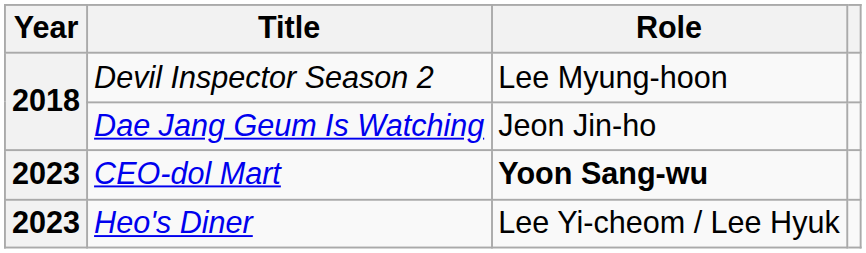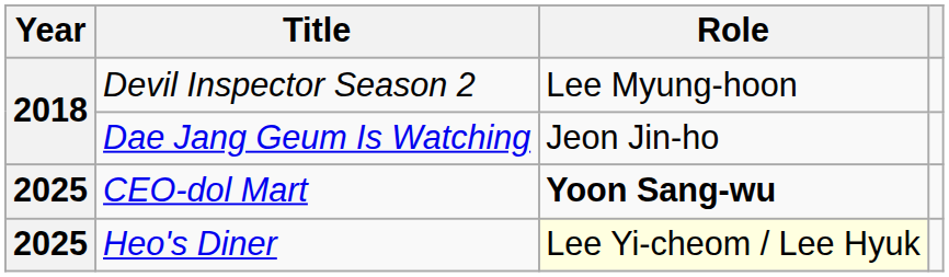 <table class="wikitable plainrowheaders sortable">
 <tr>
 <th scope="col">Year</th>
 <th scope="col">Title</th>
 <th scope="col">Role</th>
 <th scope="col" class="unsortable"></th>
 </tr>
 <tr>
 <th scope="row" rowspan="2">2018</th>
 <td><em>Devil Inspector Season 2</em></td>
 <td>Lee Myung-hoon</td>
 <td style="text-align:center"></td>
 </tr>
 <tr>
 <td><em><a href='#'>Dae Jang Geum Is Watching</a></em></td>
 <td>Jeon Jin-ho</td>
 <td style="text-align:center"></td>
 </tr>
 <tr>
-<th scope="row">2023</th>
+<th scope="row">2025</th>
 <td><em><a href='#'>CEO-dol Mart</a></em></td>
 <td><strong>Yoon Sang-wu</strong></td>
 <td style="text-align:center"></td>
 </tr>
 <tr>
-<th scope="row">2023</th>
+<th scope="row">2025</th>
 <td><em><a href='#'>Heo's Diner</a></em></td>
-<td>Lee Yi-cheom / Lee Hyuk</td>
+<td style="background: lightyellow;">Lee Yi-cheom / Lee Hyuk</td>
 <td style="test-align:center"></td>
 </tr>
 </table>
